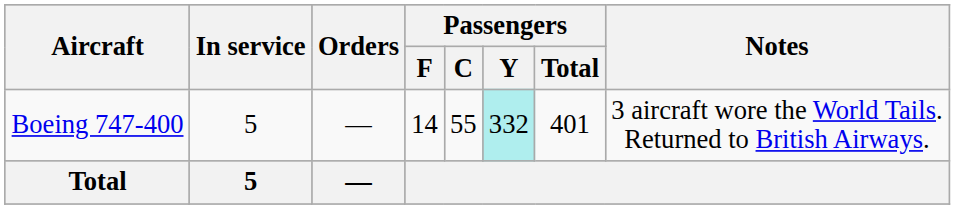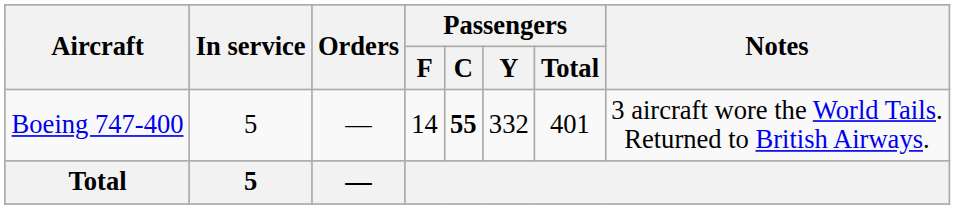 <table class="wikitable" style="text-align:center; margin:auto;">
 <tr>
 <th rowspan=2>Aircraft</th>
 <th rowspan=2>In service</th>
 <th rowspan=2>Orders</th>
 <th colspan=4>Passengers</th>
 <th rowspan=2>Notes</th>
 </tr>
 <tr>
 <th><abbr>F</abbr></th>
 <th><abbr>C</abbr></th>
 <th><abbr>Y</abbr></th>
 <th>Total</th>
 </tr>
 <tr>
 <td><a href='#'>Boeing 747-400</a></td>
 <td>5</td>
 <td>—</td>
 <td>14</td>
-<td>55</td>
-<td style="background: paleturquoise;">332</td>
+<td><strong>55</strong></td>
+<td>332</td>
 <td>401</td>
 <td>3 aircraft wore the <a href='#'>World Tails</a>. <br> Returned to <a href='#'>British Airways</a>.</td>
 </tr>
 <tr>
 <th>Total</th>
 <th>5</th>
 <th>—</th>
 <th colspan=6></th>
 </tr>
 </table>
